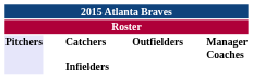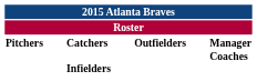 <table class="toccolours" style="font-size: 95%;">
 <tr>
 <th colspan="10" style="background:#0f437c; color:#fff; text-align:center;">2015 Atlanta Braves</th>
 </tr>
 <tr>
 <td colspan="10" style="background:#af0039; color:white; text-align:center;"><strong>Roster</strong></td>
 </tr>
 <tr>
-<td valign="top" style="background: lavender;"><strong>Pitchers</strong><br>                                   </td>
+<td valign="top"><strong>Pitchers</strong><br>                                   </td>
 <td style="width:25px;"></td>
 <td valign="top"><strong>Catchers</strong><br>  <br><strong>Infielders</strong>             </td>
 <td style="width:25px;"></td>
 <td valign="top"><strong>Outfielders</strong><br>       </td>
 <td style="width:25px;"></td>
 <td valign="top"><strong>Manager</strong><br> <strong>Coaches</strong>                  </td>
 </tr>
 </table>
